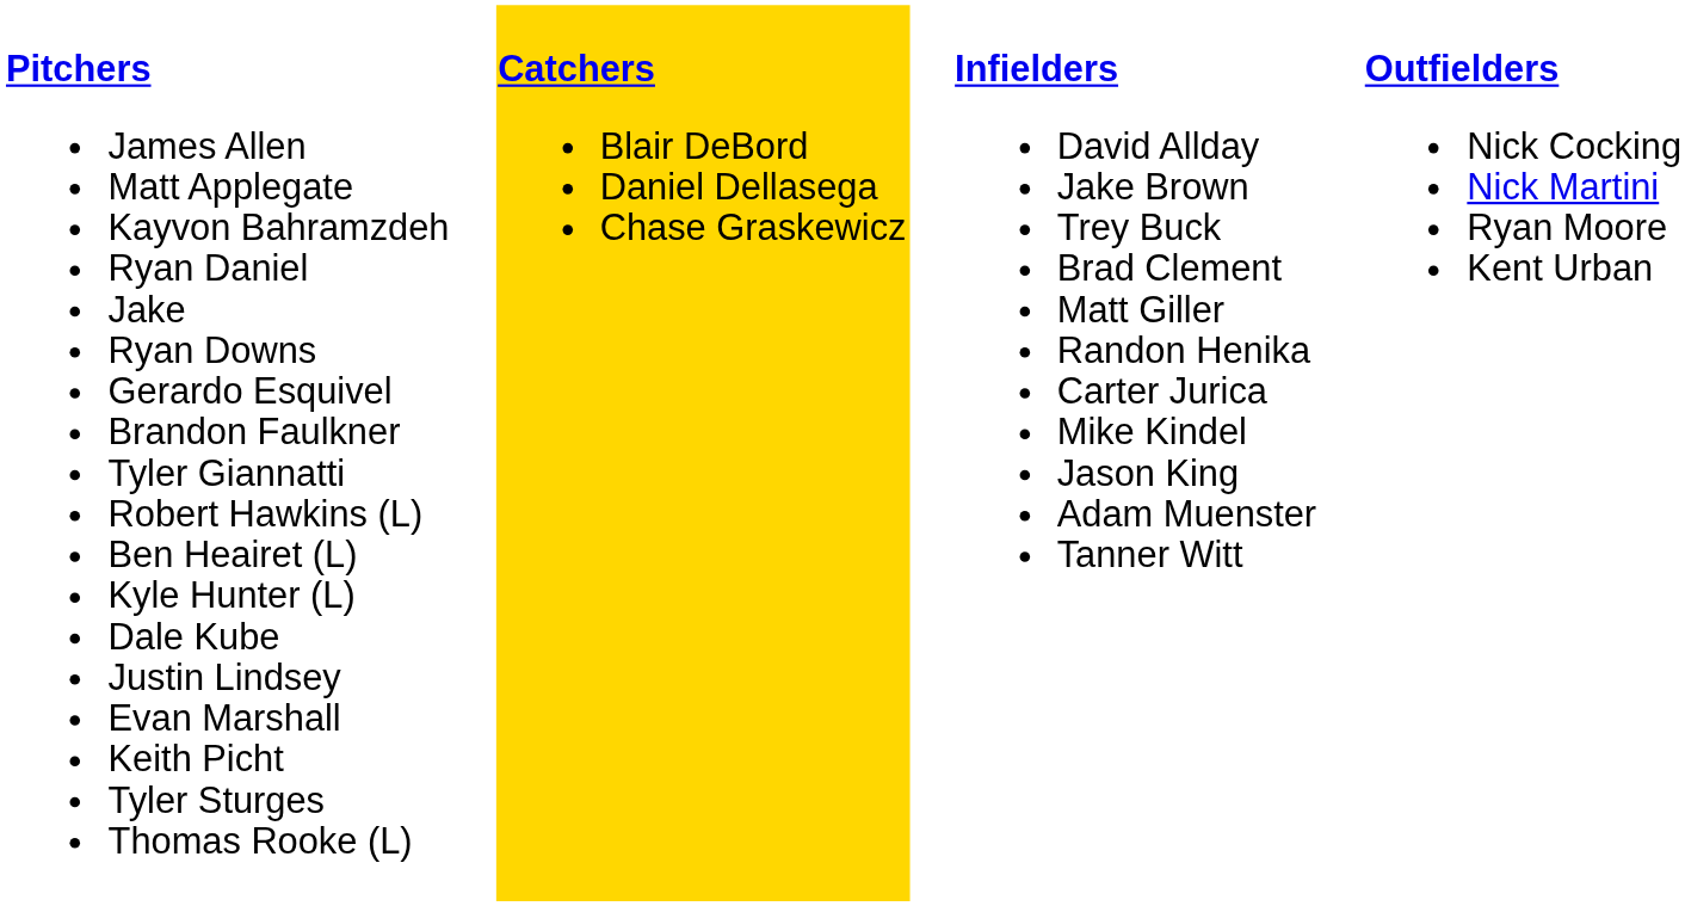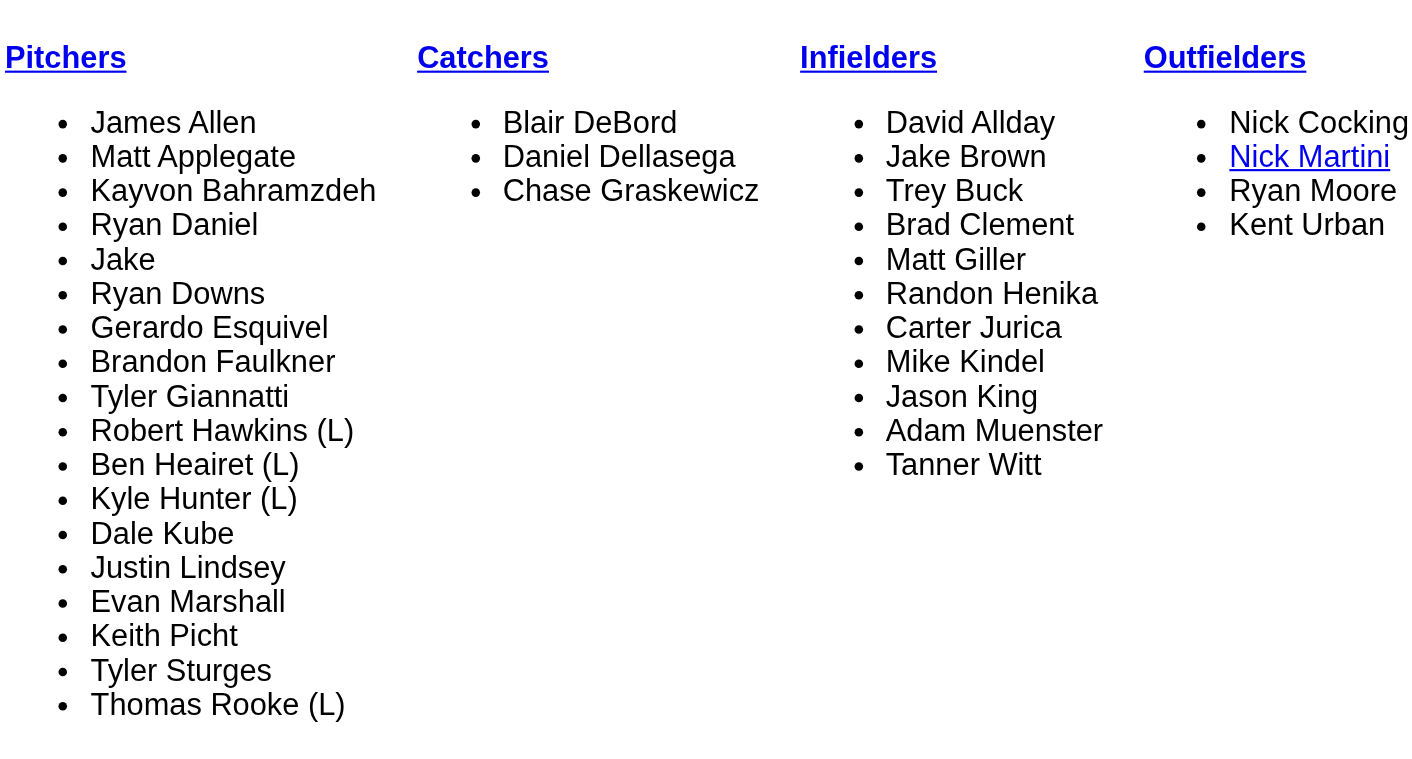 <table class="toccolours" style="border-collapse:collapse; font-size:90%;">
 <tr>
 <td colspan="7" align="center"></td>
 </tr>
 <tr>
 </tr>
 <tr>
 <td width="03"> </td>
 <td valign="top"><br><strong><a href='#'>Pitchers</a></strong><ul><li>James Allen</li><li>Matt Applegate</li><li>Kayvon Bahramzdeh</li><li>Ryan Daniel</li><li>Jake </li><li>Ryan Downs</li><li>Gerardo Esquivel</li><li>Brandon Faulkner</li><li>Tyler Giannatti</li><li>Robert Hawkins (L)</li><li>Ben Heairet (L)</li><li>Kyle Hunter (L)</li><li>Dale Kube</li><li>Justin Lindsey</li><li>Evan Marshall</li><li>Keith Picht</li><li>Tyler Sturges</li><li>Thomas Rooke (L)</li></ul></td>
 <td width="15"> </td>
-<td valign="top" style="background: gold;"><br><strong><a href='#'>Catchers</a></strong><ul><li>Blair DeBord</li><li>Daniel Dellasega</li><li>Chase Graskewicz</li></ul></td>
+<td valign="top"><br><strong><a href='#'>Catchers</a></strong><ul><li>Blair DeBord</li><li>Daniel Dellasega</li><li>Chase Graskewicz</li></ul></td>
 <td width="15"> </td>
 <td valign="top"><br><strong><a href='#'>Infielders</a></strong><ul><li>David Allday</li><li>Jake Brown</li><li>Trey Buck</li><li>Brad Clement</li><li>Matt Giller</li><li>Randon Henika</li><li>Carter Jurica</li><li>Mike Kindel</li><li>Jason King</li><li>Adam Muenster</li><li>Tanner Witt</li></ul></td>
 <td width="15"> </td>
 <td valign="top"><br><strong><a href='#'>Outfielders</a></strong><ul><li>Nick Cocking</li><li><a href='#'>Nick Martini</a></li><li>Ryan Moore</li><li>Kent Urban</li></ul></td>
 <td width="25"> </td>
 </tr>
 </table>
